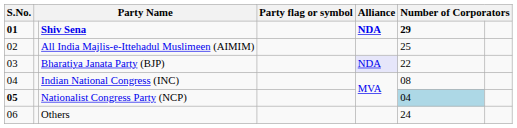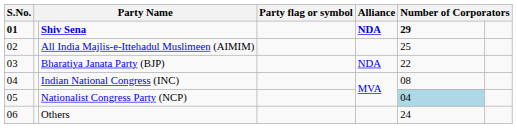 <table class="sortable wikitable">
 <tr>
 <th>S.No.</th>
 <th colspan="2">Party Name</th>
 <th>Party flag or symbol</th>
 <th>Alliance</th>
 <th colspan="2">Number of Corporators</th>
 </tr>
 <tr>
 <td><strong>01</strong></td>
 <td style="background-color: "></td>
 <td><strong><a href='#'>Shiv Sena</a></strong></td>
 <td></td>
 <td><strong><a href='#'>NDA</a></strong></td>
 <td><strong>29</strong></td>
 <td></td>
 </tr>
 <tr>
 <td>02</td>
 <td style="background-color: "></td>
 <td><a href='#'>All India Majlis-e-Ittehadul Muslimeen</a> (AIMIM)</td>
 <td></td>
 <td></td>
 <td>25</td>
 <td></td>
 </tr>
 <tr>
 <td>03</td>
 <td style="background-color: "></td>
 <td><a href='#'>Bharatiya Janata Party</a> (BJP)</td>
 <td></td>
-<td style="background: lavender;"><a href='#'>NDA</a></td>
+<td><a href='#'>NDA</a></td>
 <td>22</td>
 <td></td>
 </tr>
 <tr>
 <td>04</td>
 <td style="background-color: "></td>
 <td><a href='#'>Indian National Congress</a> (INC)</td>
 <td></td>
 <td rowspan="2"><a href='#'>MVA</a></td>
 <td>08</td>
 <td></td>
 </tr>
 <tr>
-<td><strong>05</strong></td>
+<td>05</td>
 <td style="background-color: "></td>
 <td><a href='#'>Nationalist Congress Party</a> (NCP)</td>
 <td></td>
 <td style="background: lightblue;">04</td>
 <td></td>
 </tr>
 <tr>
 <td>06</td>
 <td style="background-color: "></td>
 <td>Others</td>
 <td></td>
 <td></td>
 <td>24</td>
 <td></td>
 </tr>
 </table>
